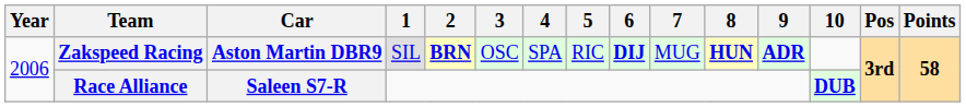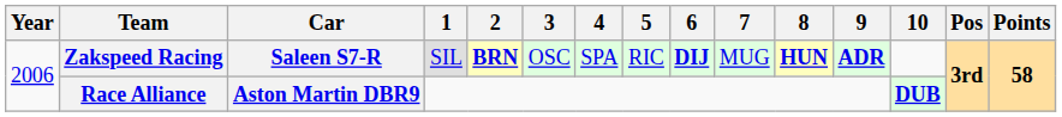 <table class="wikitable" border="1" style="text-align:center; font-size:85%;">
 <tr>
 <th>Year</th>
 <th>Team</th>
 <th>Car</th>
 <th>1</th>
 <th>2</th>
 <th>3</th>
 <th>4</th>
 <th>5</th>
 <th>6</th>
 <th>7</th>
 <th>8</th>
 <th>9</th>
 <th>10</th>
 <th>Pos</th>
 <th>Points</th>
 </tr>
 <tr>
 <td rowspan="2"><a href='#'>2006</a></td>
 <th nowrap><a href='#'>Zakspeed Racing</a></th>
-<th nowrap><a href='#'>Aston Martin DBR9</a></th>
+<th nowrap><a href='#'>Saleen S7-R</a></th>
 <td style="background:#DFDFDF;"><a href='#'>SIL</a><br></td>
 <td style="background:#FFFFBF;"><strong><a href='#'>BRN</a><br></strong></td>
 <td style="background:#DFFFDF;"><a href='#'>OSC</a><br></td>
 <td style="background:#DFFFDF;"><a href='#'>SPA</a><br></td>
 <td style="background:#DFFFDF;"><a href='#'>RIC</a><br></td>
 <td style="background:#DFFFDF;"><strong><a href='#'>DIJ</a><br></strong></td>
 <td style="background:#DFFFDF;"><a href='#'>MUG</a><br></td>
 <td style="background:#FFFFBF;"><strong><a href='#'>HUN</a><br></strong></td>
 <td style="background:#DFFFDF;"><strong><a href='#'>ADR</a><br></strong></td>
 <td></td>
 <td rowspan="2" style="background:#FFDF9F;"><strong>3rd</strong></td>
 <td rowspan="2" style="background:#FFDF9F;"><strong>58</strong></td>
 </tr>
 <tr>
 <th nowrap><a href='#'>Race Alliance</a></th>
-<th nowrap><a href='#'>Saleen S7-R</a></th>
+<th nowrap><a href='#'>Aston Martin DBR9</a></th>
 <td colspan=9></td>
 <td style="background:#DFFFDF;"><strong><a href='#'>DUB</a><br></strong></td>
 </tr>
 </table>
